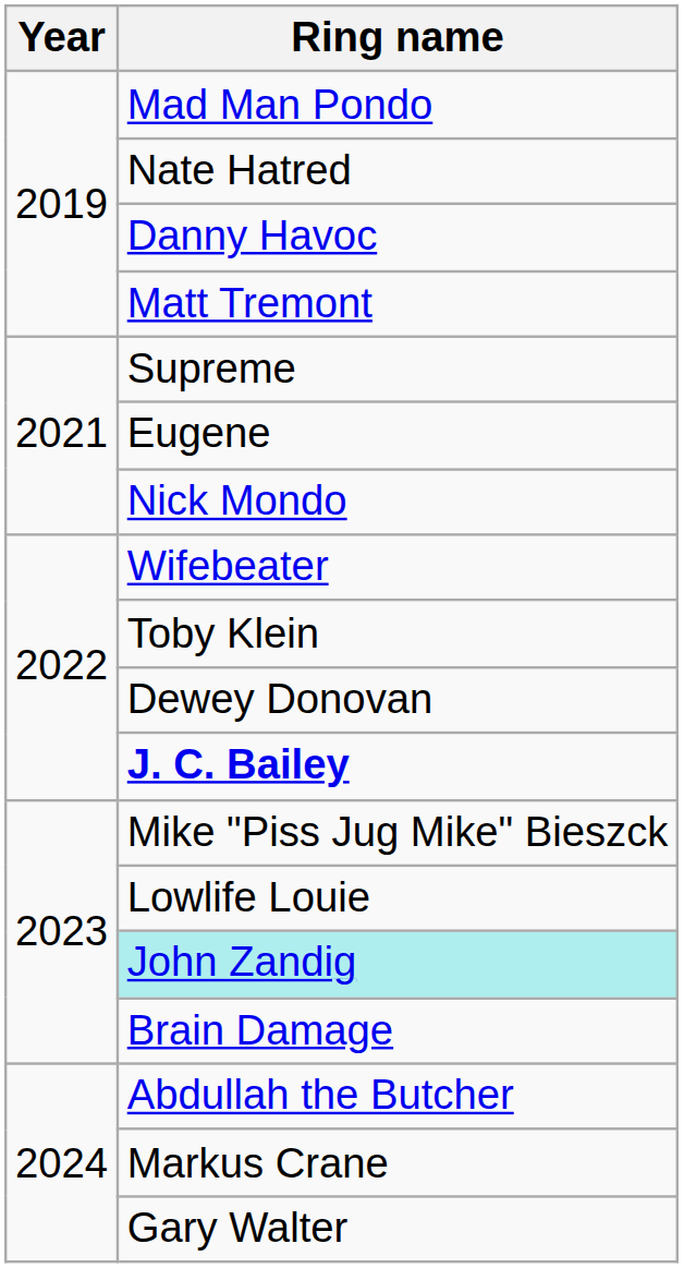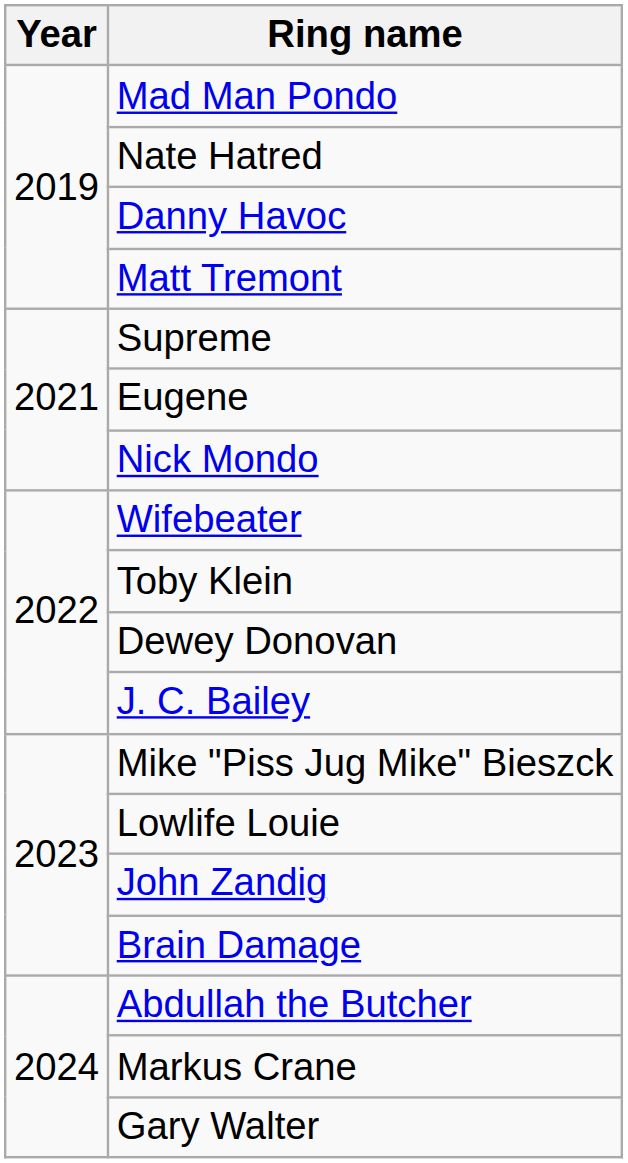 <table class="wikitable sortable">
 <tr>
 <th>Year</th>
 <th>Ring name</th>
 </tr>
 <tr>
 <td rowspan=4>2019</td>
 <td><a href='#'>Mad Man Pondo</a></td>
 </tr>
 <tr>
 <td>Nate Hatred</td>
 </tr>
 <tr>
 <td><a href='#'>Danny Havoc</a></td>
 </tr>
 <tr>
 <td><a href='#'>Matt Tremont</a></td>
 </tr>
 <tr>
 <td rowspan=3>2021</td>
 <td>Supreme</td>
 </tr>
 <tr>
 <td>Eugene</td>
 </tr>
 <tr>
 <td><a href='#'>Nick Mondo</a></td>
 </tr>
 <tr>
 <td rowspan=4>2022</td>
 <td><a href='#'>Wifebeater</a></td>
 </tr>
 <tr>
 <td>Toby Klein</td>
 </tr>
 <tr>
 <td>Dewey Donovan</td>
 </tr>
 <tr>
-<td><strong><a href='#'>J. C. Bailey</a></strong></td>
+<td><a href='#'>J. C. Bailey</a></td>
 </tr>
 <tr>
 <td rowspan=4>2023</td>
 <td>Mike "Piss Jug Mike" Bieszck</td>
 </tr>
 <tr>
 <td>Lowlife Louie</td>
 </tr>
 <tr>
-<td style="background: paleturquoise;"><a href='#'>John Zandig</a></td>
+<td><a href='#'>John Zandig</a></td>
 </tr>
 <tr>
 <td><a href='#'>Brain Damage</a></td>
 </tr>
 <tr>
 <td rowspan=3>2024</td>
 <td><a href='#'>Abdullah the Butcher</a></td>
 </tr>
 <tr>
 <td>Markus Crane</td>
 </tr>
 <tr>
 <td>Gary Walter</td>
 </tr>
 </table>
